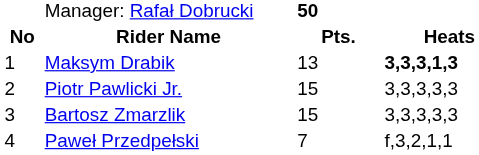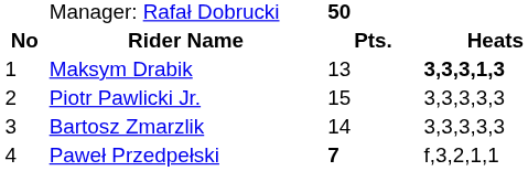 <table class="toccolours">
 <tr>
 <td></td>
 <td>Manager: <a href='#'>Rafał Dobrucki</a></td>
 <td><strong>50</strong></td>
 </tr>
 <tr style="background-color:">
 <th width=30px>No</th>
 <th width=210px>Rider Name</th>
 <th width=70px>Pts.</th>
 <th width=110px>Heats</th>
 </tr>
 <tr style="background-color:">
 <td>1</td>
 <td><a href='#'>Maksym Drabik</a></td>
 <td>13</td>
 <td><strong>3,3,3,1,3</strong></td>
 </tr>
 <tr style="background-color:">
 <td>2</td>
 <td><a href='#'>Piotr Pawlicki Jr.</a></td>
 <td>15</td>
 <td>3,3,3,3,3</td>
 </tr>
 <tr style="background-color:">
 <td>3</td>
 <td><a href='#'>Bartosz Zmarzlik</a></td>
-<td>15</td>
+<td>14</td>
 <td>3,3,3,3,3</td>
 </tr>
 <tr style="background-color:">
 <td>4</td>
 <td><a href='#'>Paweł Przedpełski</a></td>
-<td>7</td>
+<td><strong>7</strong></td>
 <td>f,3,2,1,1</td>
 </tr>
 </table>
